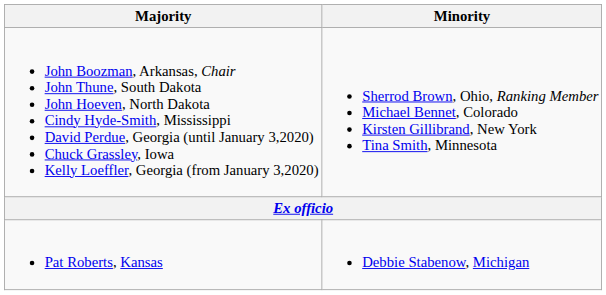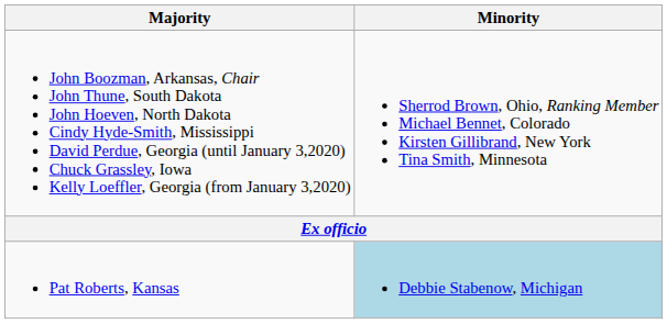 <table class=wikitable>
 <tr>
 <th>Majority</th>
 <th>Minority</th>
 </tr>
 <tr>
 <td><br><ul><li><a href='#'>John Boozman</a>, Arkansas, <em>Chair</em></li><li><a href='#'>John Thune</a>, South Dakota</li><li><a href='#'>John Hoeven</a>, North Dakota</li><li><a href='#'>Cindy Hyde-Smith</a>, Mississippi</li><li><a href='#'>David Perdue</a>, Georgia (until January 3,2020)</li><li><a href='#'>Chuck Grassley</a>, Iowa</li><li><a href='#'>Kelly Loeffler</a>, Georgia (from January 3,2020)</li></ul></td>
 <td><br><ul><li><a href='#'>Sherrod Brown</a>, Ohio, <em>Ranking Member</em></li><li><a href='#'>Michael Bennet</a>, Colorado</li><li><a href='#'>Kirsten Gillibrand</a>, New York</li><li><a href='#'>Tina Smith</a>, Minnesota</li></ul></td>
 </tr>
 <tr>
 <th colspan=2><em><a href='#'>Ex officio</a></em></th>
 </tr>
 <tr>
 <td><br><ul><li><a href='#'>Pat Roberts</a>, <a href='#'>Kansas</a></li></ul></td>
-<td><br><ul><li><a href='#'>Debbie Stabenow</a>, <a href='#'>Michigan</a></li></ul></td>
+<td style="background: lightblue;"><br><ul><li><a href='#'>Debbie Stabenow</a>, <a href='#'>Michigan</a></li></ul></td>
 </tr>
 </table>
